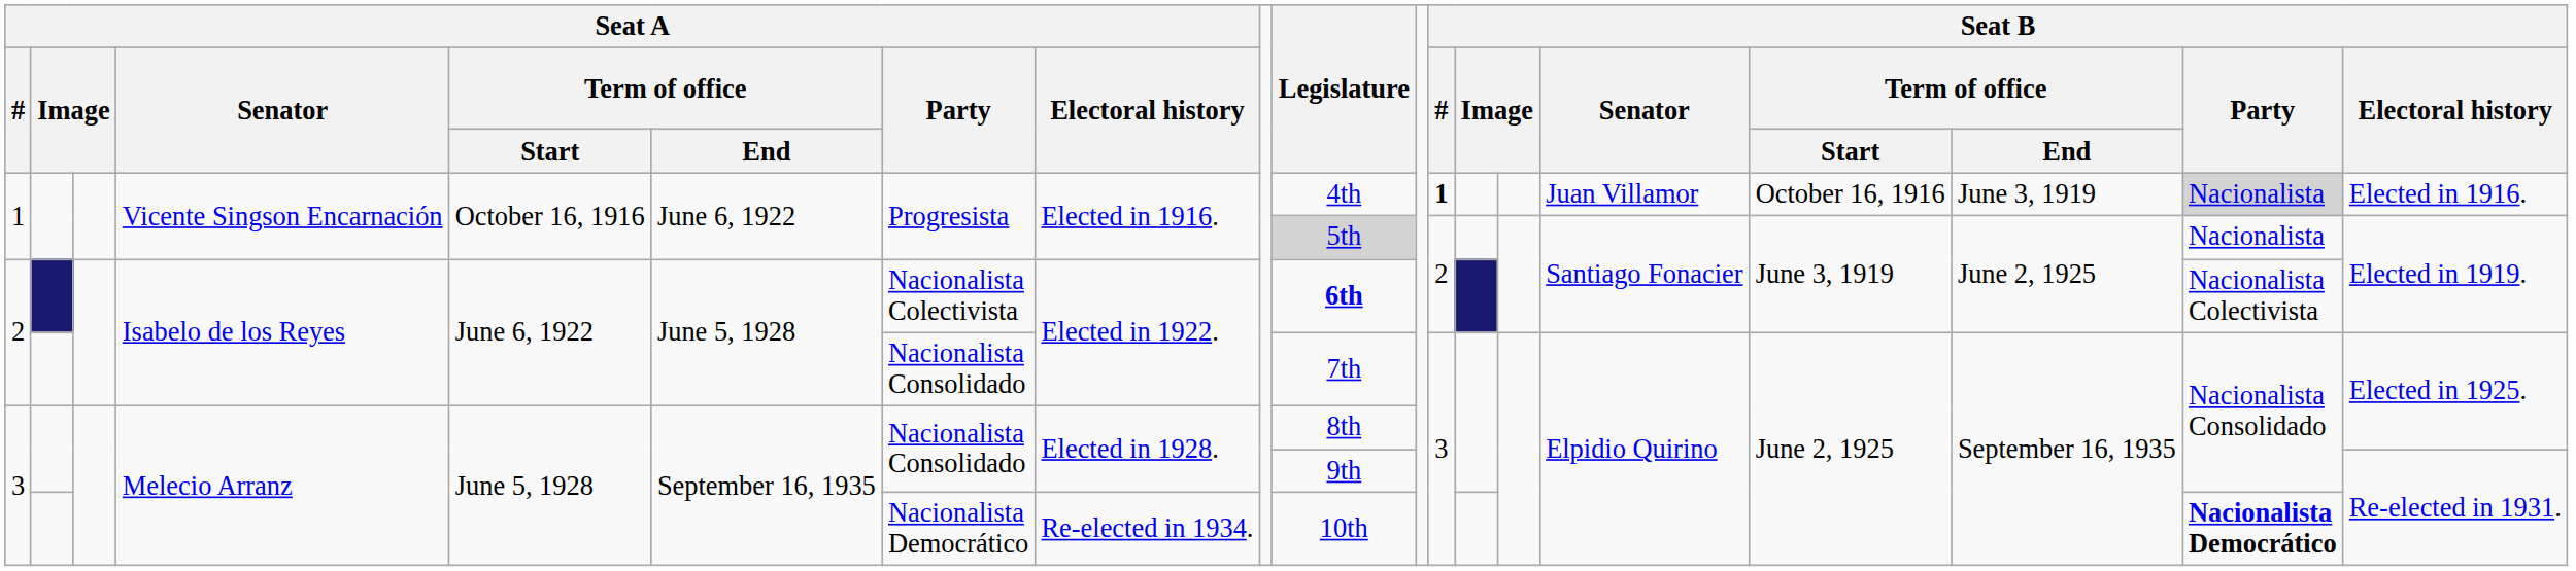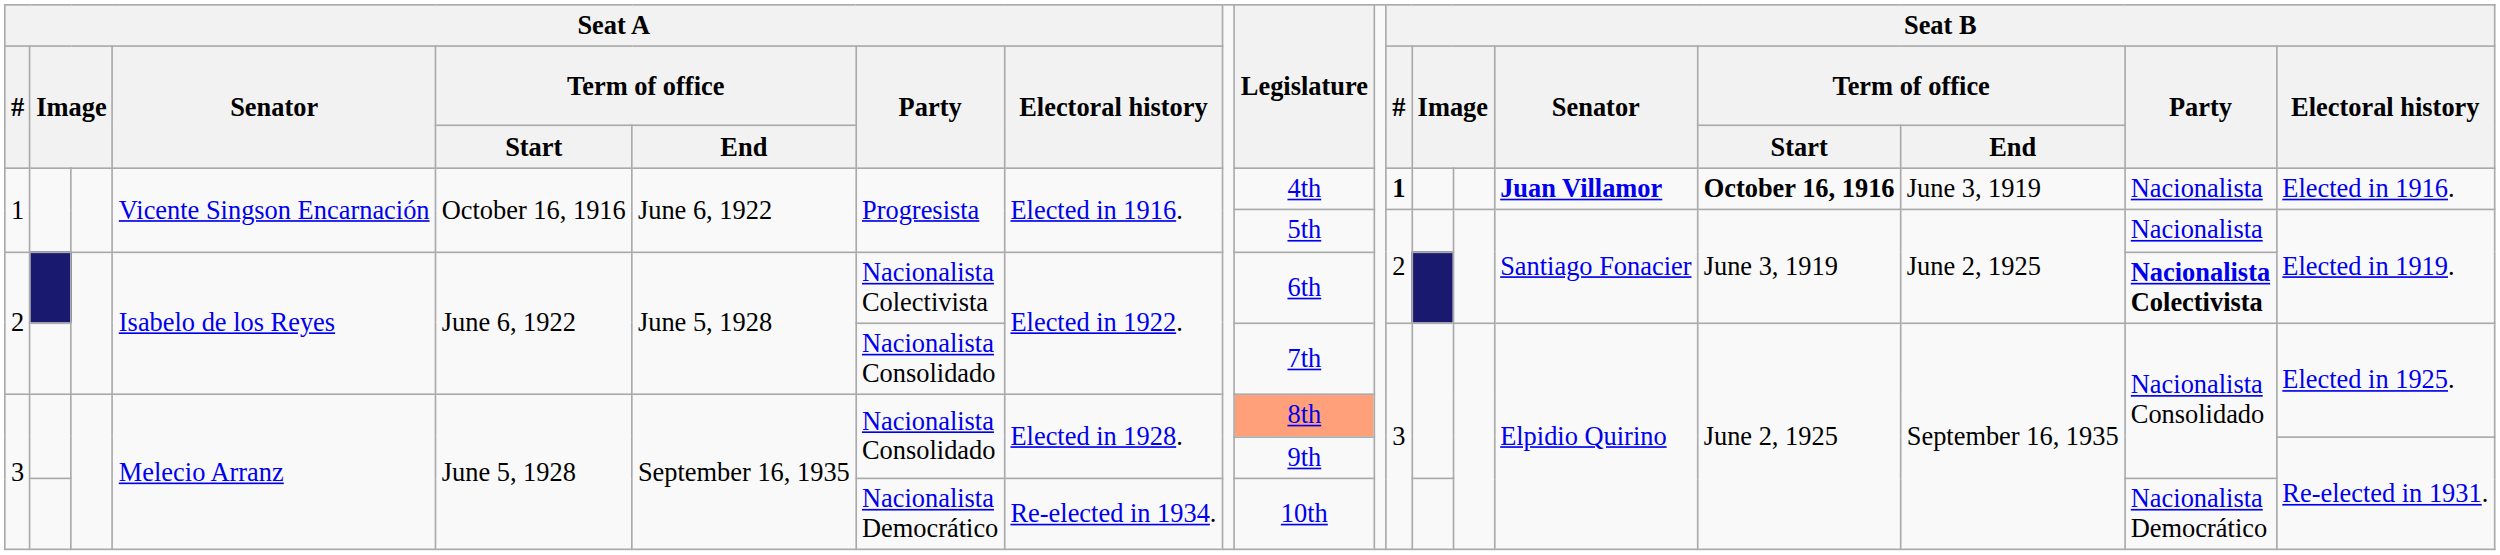 <table class="wikitable">
 <tr>
 <th colspan="8">Seat A</th>
 <td rowspan="99"></td>
 <th rowspan="3">Legislature</th>
 <td rowspan="99"></td>
 <th colspan="8">Seat B</th>
 </tr>
 <tr style="height:3em">
 <th rowspan="2">#</th>
 <th rowspan="2" colspan="2">Image</th>
 <th rowspan="2">Senator</th>
 <th colspan="2">Term of office</th>
 <th rowspan="2">Party</th>
 <th rowspan="2">Electoral history</th>
 <th rowspan="2">#</th>
 <th rowspan="2" colspan="2">Image</th>
 <th rowspan="2">Senator</th>
 <th colspan="2">Term of office</th>
 <th rowspan="2">Party</th>
 <th rowspan="2">Electoral history</th>
 </tr>
 <tr>
 <th>Start</th>
 <th>End</th>
 <th>Start</th>
 <th>End</th>
 </tr>
 <tr>
 <td rowspan="2" style="text-align:center;">1</td>
 <td rowspan="2" style="background:"></td>
 <td rowspan="2"></td>
 <td rowspan="2"><a href='#'>Vicente Singson Encarnación</a></td>
 <td rowspan="2">October 16, 1916</td>
 <td rowspan="2">June 6, 1922</td>
 <td rowspan="2"><a href='#'>Progresista</a></td>
 <td rowspan="2"><a href='#'>Elected in 1916</a>.</td>
 <td style="text-align:center;"><a href='#'>4th</a></td>
 <td style="text-align:center;"><strong>1</strong></td>
 <td style="background:"></td>
 <td></td>
-<td><a href='#'>Juan Villamor</a></td>
-<td>October 16, 1916</td>
+<td><strong><a href='#'>Juan Villamor</a></strong></td>
+<td><strong>October 16, 1916</strong></td>
 <td>June 3, 1919</td>
-<td style="background: lightgrey;"><a href='#'>Nacionalista</a></td>
+<td><a href='#'>Nacionalista</a></td>
 <td><a href='#'>Elected in 1916</a>.</td>
 </tr>
 <tr>
-<td style="background: lightgrey; text-align:center;"><a href='#'>5th</a></td>
+<td style="text-align:center;"><a href='#'>5th</a></td>
 <td rowspan="2" style="text-align:center;">2</td>
 <td style="background:"></td>
 <td rowspan="2"></td>
 <td rowspan="2"><a href='#'>Santiago Fonacier</a></td>
 <td rowspan="2">June 3, 1919</td>
 <td rowspan="2">June 2, 1925</td>
 <td><a href='#'>Nacionalista</a></td>
 <td rowspan="2"><a href='#'>Elected in 1919</a>.</td>
 </tr>
 <tr>
 <td rowspan="2" style="text-align:center;">2</td>
 <td style="background-color:#191970"></td>
 <td rowspan="2"></td>
 <td rowspan="2"><a href='#'>Isabelo de los Reyes</a></td>
 <td rowspan="2">June 6, 1922</td>
 <td rowspan="2">June 5, 1928</td>
 <td><a href='#'>Nacionalista</a><br>Colectivista</td>
 <td rowspan="2"><a href='#'>Elected in 1922</a>.</td>
-<td style="text-align:center;"><strong><a href='#'>6th</a></strong></td>
+<td style="text-align:center;"><a href='#'>6th</a></td>
 <td style="background-color:#191970"></td>
-<td><a href='#'>Nacionalista</a><br>Colectivista</td>
+<td><strong><a href='#'>Nacionalista</a><br>Colectivista</strong></td>
 </tr>
 <tr>
 <td style="background:"></td>
 <td><a href='#'>Nacionalista</a><br>Consolidado</td>
 <td style="text-align:center;"><a href='#'>7th</a></td>
 <td rowspan="4" style="text-align:center;">3</td>
 <td rowspan="3" style="background:"></td>
 <td rowspan="4"></td>
 <td rowspan="4"><a href='#'>Elpidio Quirino</a></td>
 <td rowspan="4">June 2, 1925</td>
 <td rowspan="4">September 16, 1935</td>
 <td rowspan="3"><a href='#'>Nacionalista</a><br>Consolidado</td>
 <td rowspan="2"><a href='#'>Elected in 1925</a>.</td>
 </tr>
 <tr>
 <td rowspan="3" style="text-align:center;">3</td>
 <td rowspan="2" style="background:"></td>
 <td rowspan="3"></td>
 <td rowspan="3"><a href='#'>Melecio Arranz</a></td>
 <td rowspan="3">June 5, 1928</td>
 <td rowspan="3">September 16, 1935</td>
 <td rowspan="2"><a href='#'>Nacionalista</a><br>Consolidado</td>
 <td rowspan="2"><a href='#'>Elected in 1928</a>.</td>
-<td style="text-align:center;"><a href='#'>8th</a></td>
+<td style="background: lightsalmon; text-align:center;"><a href='#'>8th</a></td>
 </tr>
 <tr>
 <td style="text-align:center;"><a href='#'>9th</a></td>
 <td rowspan="2"><a href='#'>Re-elected in 1931</a>.</td>
 </tr>
 <tr>
 <td style="background:"></td>
 <td><a href='#'>Nacionalista</a><br>Democrático</td>
 <td><a href='#'>Re-elected in 1934</a>.</td>
 <td style="text-align:center;"><a href='#'>10th</a></td>
 <td style="background:"></td>
-<td><strong><a href='#'>Nacionalista</a><br>Democrático</strong></td>
+<td><a href='#'>Nacionalista</a><br>Democrático</td>
 </tr>
 </table>
